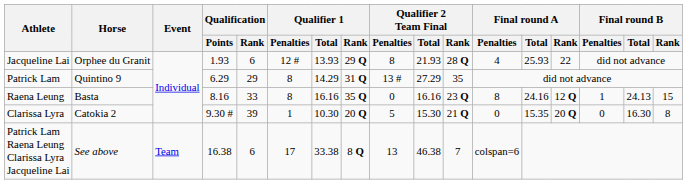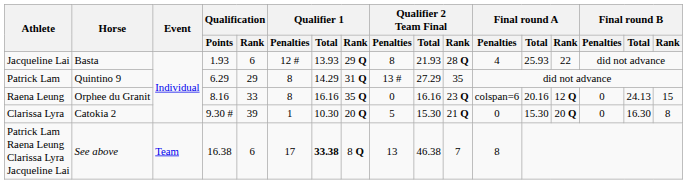 <table class=wikitable style=font-size:90%;text-align:center>
 <tr>
 <th rowspan=2>Athlete</th>
 <th rowspan=2>Horse</th>
 <th rowspan=2>Event</th>
 <th colspan=2>Qualification</th>
 <th colspan=3>Qualifier 1</th>
 <th colspan=3>Qualifier 2<br>Team Final</th>
 <th colspan=3>Final round A</th>
 <th colspan=3>Final round B</th>
 </tr>
 <tr style="font-size:95%">
 <th>Points</th>
 <th>Rank</th>
 <th>Penalties</th>
 <th>Total</th>
 <th>Rank</th>
 <th>Penalties</th>
 <th>Total</th>
 <th>Rank</th>
 <th>Penalties</th>
 <th>Total</th>
 <th>Rank</th>
 <th>Penalties</th>
 <th>Total</th>
 <th>Rank</th>
 </tr>
 <tr>
 <td align=left>Jacqueline Lai</td>
-<td align=left>Orphee du Granit</td>
+<td align=left>Basta</td>
 <td align=left rowspan=4><a href='#'>Individual</a></td>
 <td>1.93</td>
 <td>6</td>
 <td>12 #</td>
 <td>13.93</td>
 <td>29 <strong>Q</strong></td>
 <td>8</td>
 <td>21.93</td>
 <td>28 <strong>Q</strong></td>
 <td>4</td>
 <td>25.93</td>
 <td>22</td>
 <td colspan=3>did not advance</td>
 </tr>
 <tr>
 <td align=left>Patrick Lam</td>
 <td align=left>Quintino 9</td>
 <td>6.29</td>
 <td>29</td>
 <td>8</td>
 <td>14.29</td>
 <td>31 <strong>Q</strong></td>
 <td>13 #</td>
 <td>27.29</td>
 <td>35</td>
 <td colspan=6>did not advance</td>
 </tr>
 <tr>
 <td align=left>Raena Leung</td>
-<td align=left>Basta</td>
+<td align=left>Orphee du Granit</td>
 <td>8.16</td>
 <td>33</td>
 <td>8</td>
 <td>16.16</td>
 <td>35 <strong>Q</strong></td>
 <td>0</td>
 <td>16.16</td>
 <td>23 <strong>Q</strong></td>
-<td>8</td>
-<td>24.16</td>
+<td>colspan=6 </td>
+<td>20.16</td>
 <td>12 <strong>Q</strong></td>
-<td>1</td>
+<td>0</td>
 <td>24.13</td>
 <td>15</td>
 </tr>
 <tr>
 <td align=left>Clarissa Lyra</td>
 <td align=left>Catokia 2</td>
 <td>9.30 #</td>
 <td>39</td>
 <td>1</td>
 <td>10.30</td>
 <td>20 <strong>Q</strong></td>
 <td>5</td>
 <td>15.30</td>
 <td>21 <strong>Q</strong></td>
 <td>0</td>
-<td>15.35</td>
+<td>15.30</td>
 <td>20 <strong>Q</strong></td>
 <td>0</td>
 <td>16.30</td>
 <td>8</td>
 </tr>
 <tr>
 <td align=left>Patrick Lam<br>Raena Leung<br>Clarissa Lyra<br>Jacqueline Lai</td>
 <td align=left><em>See above</em></td>
 <td align=left><a href='#'>Team</a></td>
 <td>16.38</td>
 <td>6</td>
 <td>17</td>
-<td>33.38</td>
+<td><strong>33.38</strong></td>
 <td>8 <strong>Q</strong></td>
 <td>13</td>
 <td>46.38</td>
 <td>7</td>
-<td>colspan=6 </td>
+<td>8</td>
 </tr>
 </table>
